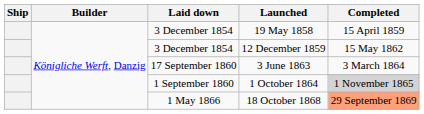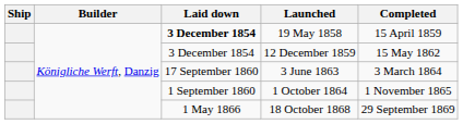 <table class="wikitable plainrowheaders">
 <tr>
 <th scope="col">Ship</th>
 <th scope="col">Builder</th>
 <th scope="col">Laid down</th>
 <th scope="col">Launched</th>
 <th scope="col">Completed</th>
 </tr>
 <tr>
 <th scope="row"></th>
 <td rowspan=5><a href='#'><em>Königliche Werft</em></a>, <a href='#'>Danzig</a></td>
-<td align=center>3 December 1854</td>
+<td align=center><strong>3 December 1854</strong></td>
 <td align=center>19 May 1858</td>
 <td align=center>15 April 1859</td>
 </tr>
 <tr>
 <th scope="row"></th>
 <td align=center>3 December 1854</td>
 <td align=center>12 December 1859</td>
 <td align=center>15 May 1862</td>
 </tr>
 <tr>
 <th scope="row"></th>
 <td align=center>17 September 1860</td>
 <td align=center>3 June 1863</td>
 <td align=center>3 March 1864</td>
 </tr>
 <tr>
 <th scope="row"></th>
 <td align=center>1 September 1860</td>
 <td align=center>1 October 1864</td>
-<td align=center style="background: lightgrey;">1 November 1865</td>
+<td align=center>1 November 1865</td>
 </tr>
 <tr>
 <th scope="row"></th>
 <td align=center>1 May 1866</td>
 <td align=center>18 October 1868</td>
-<td align=center style="background: lightsalmon;">29 September 1869</td>
+<td align=center>29 September 1869</td>
 </tr>
 </table>
